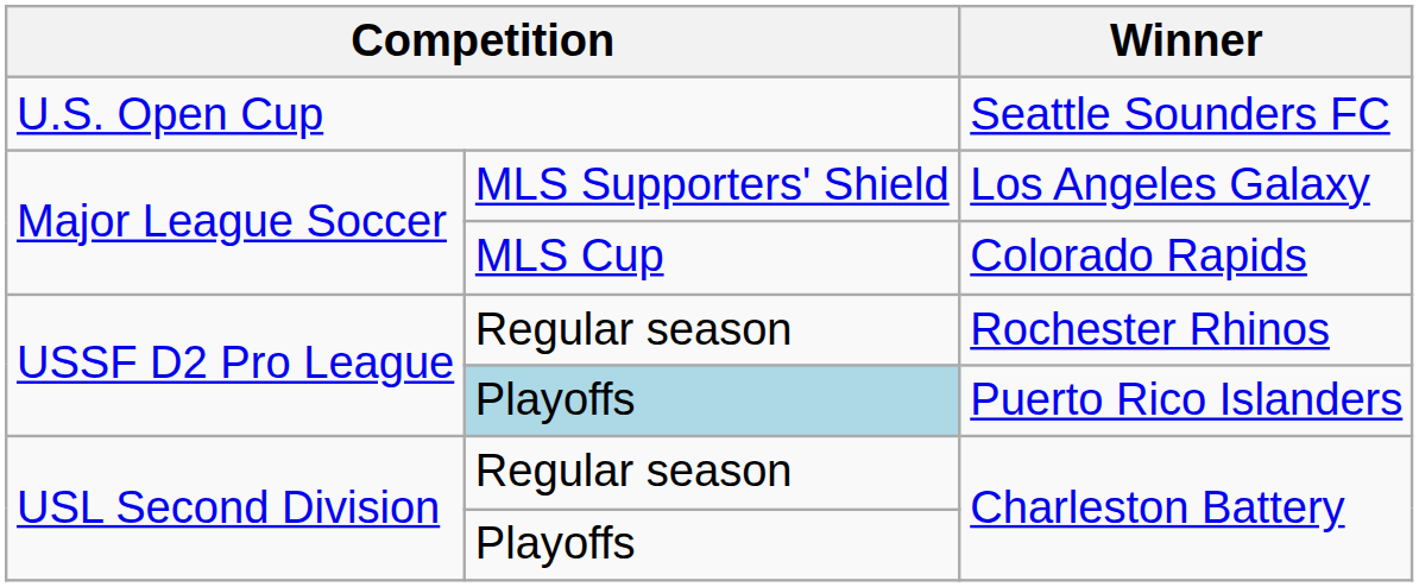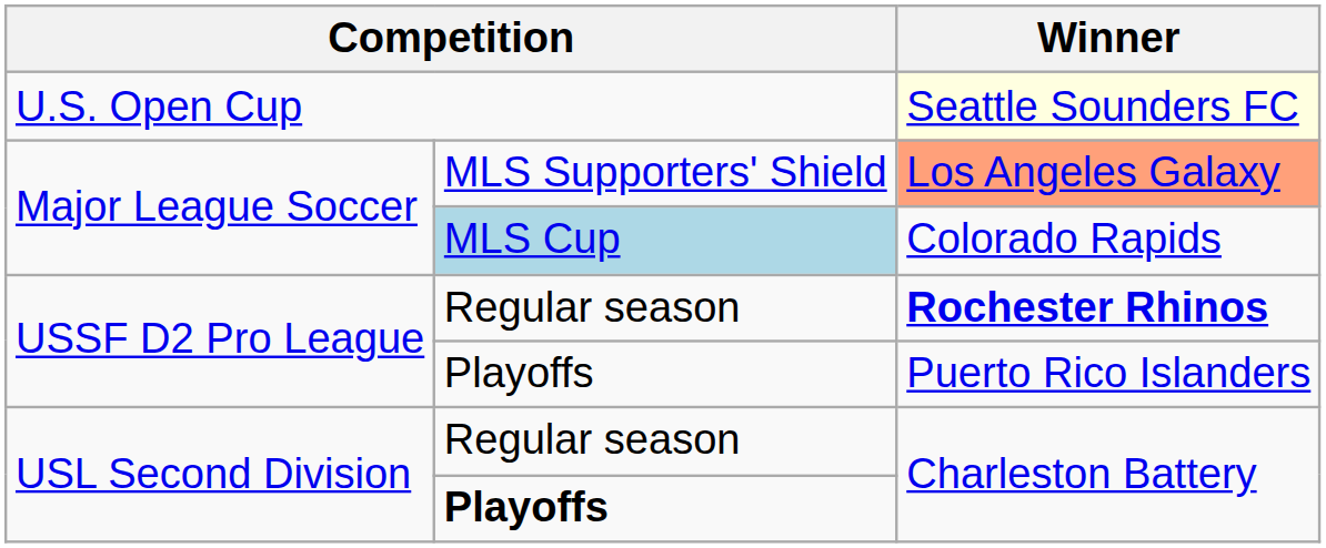 <table class="wikitable">
 <tr>
 <th colspan=2>Competition</th>
 <th>Winner</th>
 </tr>
 <tr>
 <td colspan=2><a href='#'>U.S. Open Cup</a></td>
-<td><a href='#'>Seattle Sounders FC</a></td>
+<td style="background: lightyellow;"><a href='#'>Seattle Sounders FC</a></td>
 </tr>
 <tr>
 <td rowspan=2><a href='#'>Major League Soccer</a></td>
 <td><a href='#'>MLS Supporters' Shield</a></td>
-<td><a href='#'>Los Angeles Galaxy</a></td>
+<td style="background: lightsalmon;"><a href='#'>Los Angeles Galaxy</a></td>
 </tr>
 <tr>
-<td><a href='#'>MLS Cup</a></td>
+<td style="background: lightblue;"><a href='#'>MLS Cup</a></td>
 <td><a href='#'>Colorado Rapids</a></td>
 </tr>
 <tr>
 <td rowspan=2><a href='#'>USSF D2 Pro League</a></td>
 <td>Regular season</td>
-<td><a href='#'>Rochester Rhinos</a></td>
+<td><strong><a href='#'>Rochester Rhinos</a></strong></td>
 </tr>
 <tr>
-<td style="background: lightblue;">Playoffs</td>
+<td>Playoffs</td>
 <td><a href='#'>Puerto Rico Islanders</a></td>
 </tr>
 <tr>
 <td rowspan=2><a href='#'>USL Second Division</a></td>
 <td>Regular season</td>
 <td rowspan=2><a href='#'>Charleston Battery</a></td>
 </tr>
 <tr>
-<td>Playoffs</td>
+<td><strong>Playoffs</strong></td>
 </tr>
 </table>
